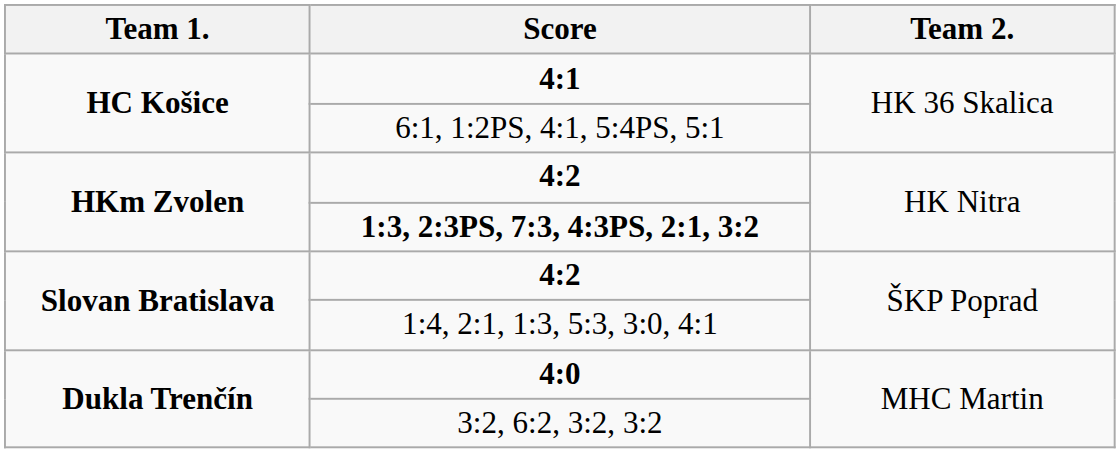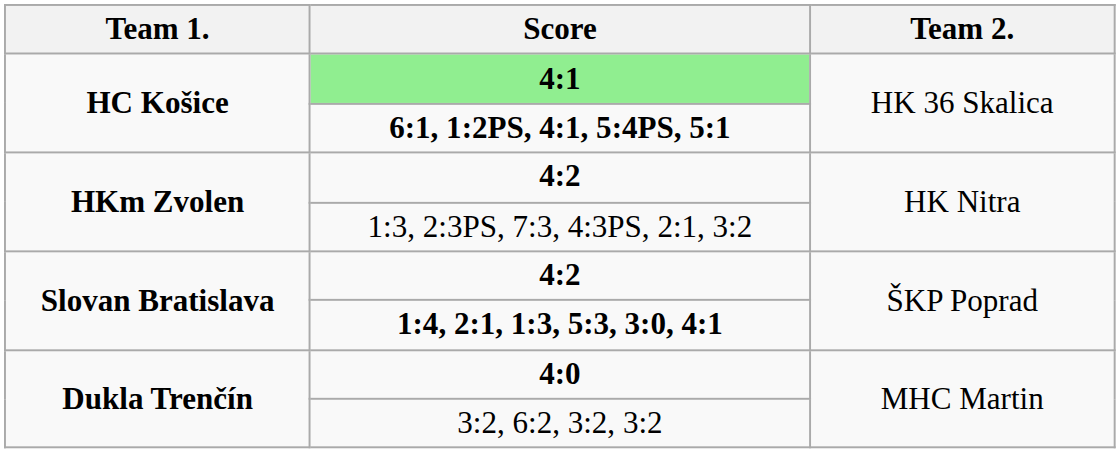 <table class="wikitable" style="text-align: center;">
 <tr>
 <th width="150"><strong>Team 1.</strong></th>
 <th width="250"><strong>Score</strong></th>
 <th width="150"><strong>Team 2.</strong></th>
 </tr>
 <tr>
 <td rowspan="2" valign="left"><strong>HC Košice</strong></td>
-<td><strong>4:1</strong></td>
+<td style="background: lightgreen;"><strong>4:1</strong></td>
 <td rowspan="2" valign="left">HK 36 Skalica</td>
 </tr>
 <tr>
-<td>6:1, 1:2PS, 4:1, 5:4PS, 5:1</td>
+<td><strong>6:1, 1:2PS, 4:1, 5:4PS, 5:1</strong></td>
 </tr>
 <tr>
 <td rowspan="2" valign="left"><strong>HKm Zvolen</strong></td>
 <td><strong>4:2</strong></td>
 <td rowspan="2" valign="left">HK Nitra</td>
 </tr>
 <tr>
-<td><strong>1:3, 2:3PS, 7:3, 4:3PS, 2:1, 3:2</strong></td>
+<td>1:3, 2:3PS, 7:3, 4:3PS, 2:1, 3:2</td>
 </tr>
 <tr>
 <td rowspan="2" valign="left"><strong>Slovan Bratislava</strong></td>
 <td><strong>4:2</strong></td>
 <td rowspan="2" valign="left">ŠKP Poprad</td>
 </tr>
 <tr>
-<td>1:4, 2:1, 1:3, 5:3, 3:0, 4:1</td>
+<td><strong>1:4, 2:1, 1:3, 5:3, 3:0, 4:1</strong></td>
 </tr>
 <tr>
 <td rowspan="2" valign="left"><strong>Dukla Trenčín</strong></td>
 <td><strong>4:0</strong></td>
 <td rowspan="2" valign="left">MHC Martin</td>
 </tr>
 <tr>
 <td>3:2, 6:2, 3:2, 3:2</td>
 </tr>
 </table>
